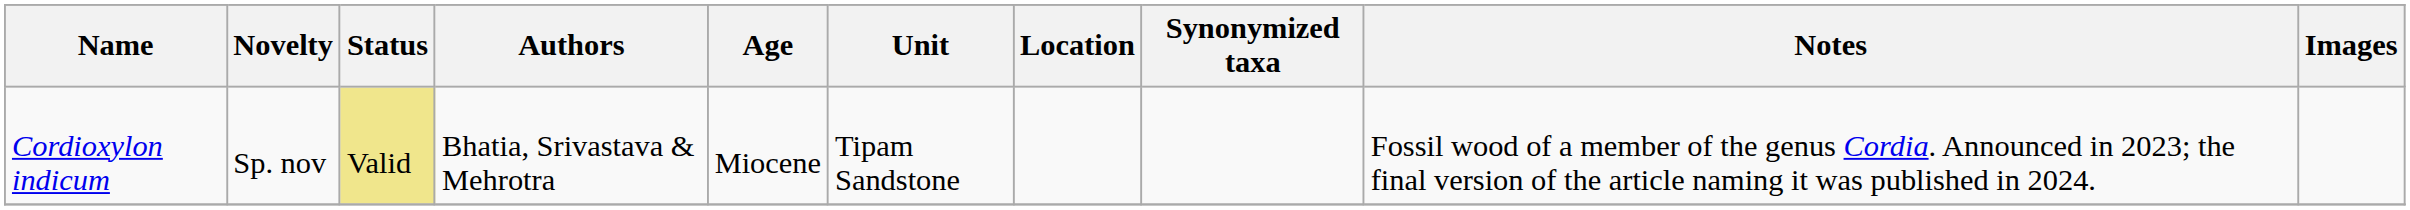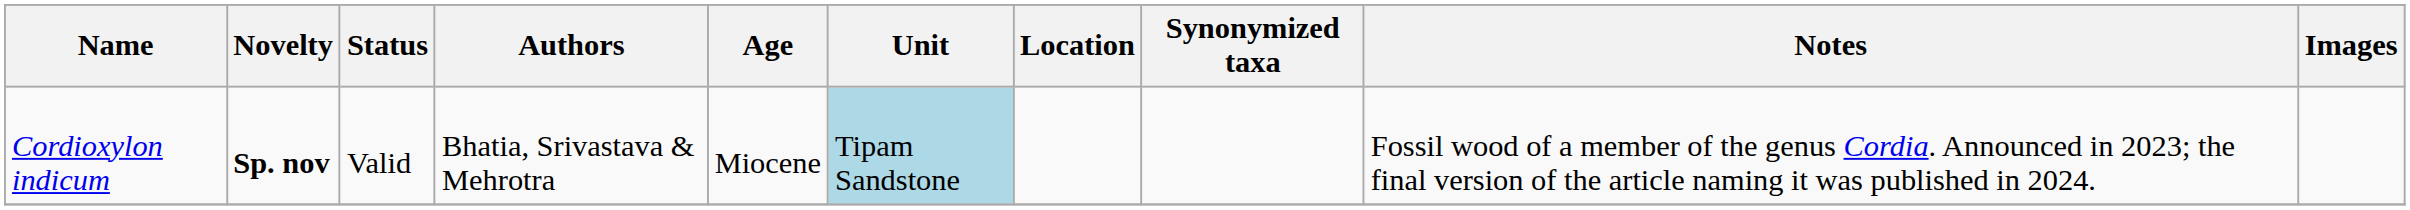 <table class="wikitable sortable" align="center" width="100%">
 <tr>
 <th>Name</th>
 <th>Novelty</th>
 <th>Status</th>
 <th>Authors</th>
 <th>Age</th>
 <th>Unit</th>
 <th>Location</th>
 <th>Synonymized taxa</th>
 <th>Notes</th>
 <th>Images</th>
 </tr>
 <tr>
 <td><br><em><a href='#'>Cordioxylon indicum</a></em></td>
-<td><br>Sp. nov</td>
-<td style="background: khaki;"><br>Valid</td>
+<td><strong><br>Sp. nov</strong></td>
+<td><br>Valid</td>
 <td><br>Bhatia, Srivastava & Mehrotra</td>
 <td><br>Miocene</td>
-<td><br>Tipam Sandstone</td>
+<td style="background: lightblue;"><br>Tipam Sandstone</td>
 <td><br></td>
 <td></td>
 <td><br>Fossil wood of a member of the genus <em><a href='#'>Cordia</a></em>. Announced in 2023; the final version of the article naming it was published in 2024.</td>
 <td></td>
 </tr>
 <tr>
 </tr>
 </table>
